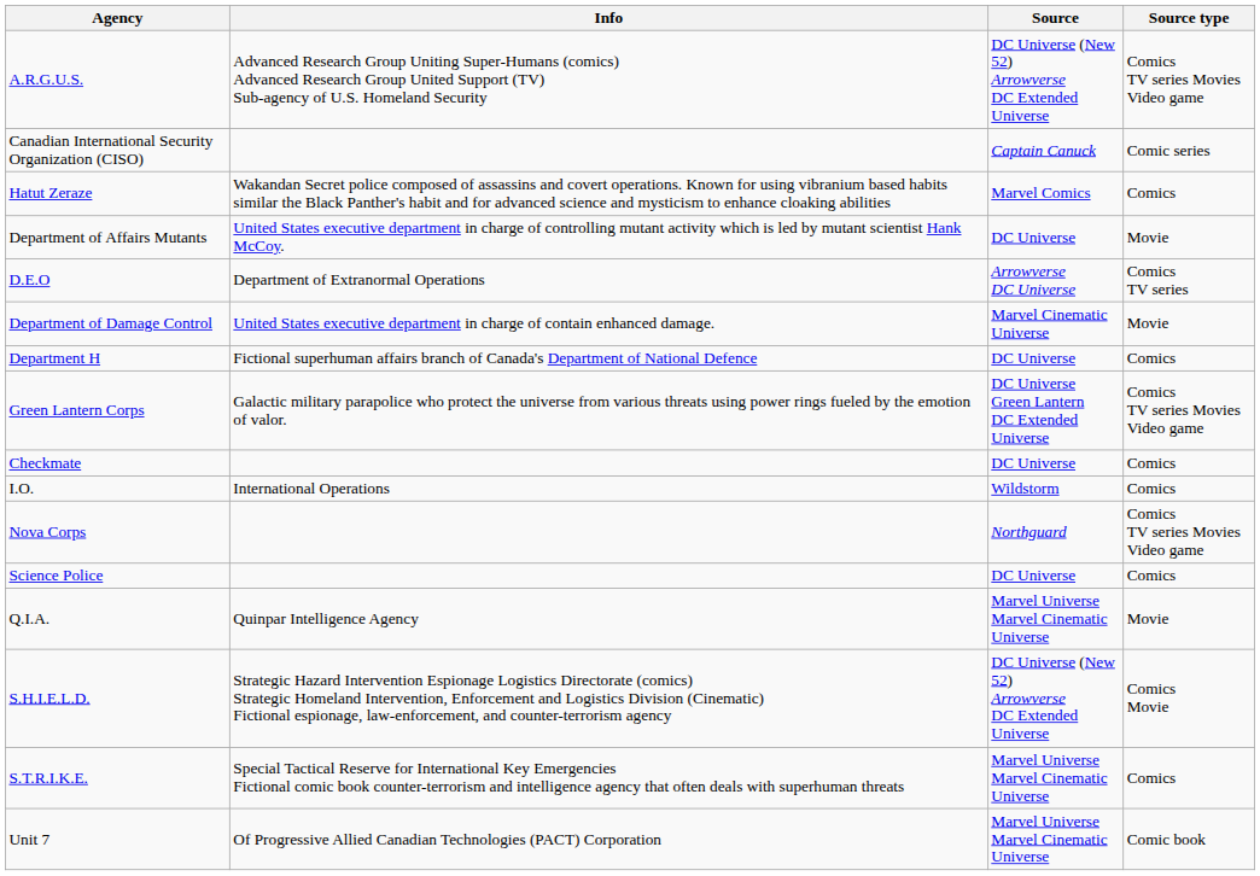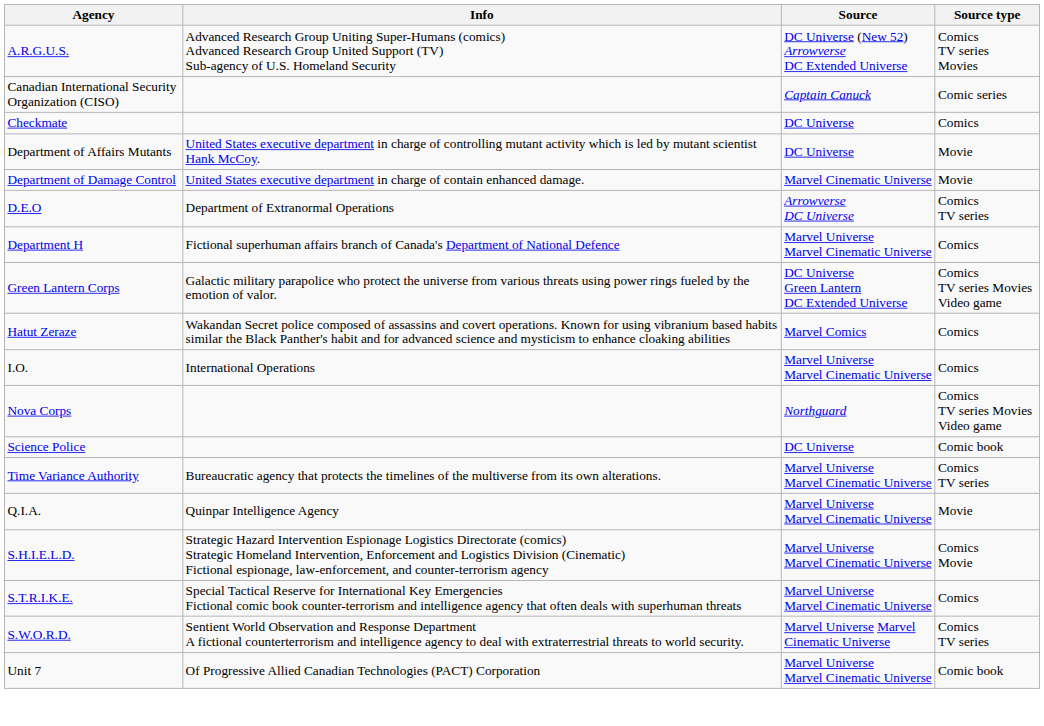 <table class="wikitable">
 <tr>
 <th>Agency</th>
 <th>Info</th>
 <th>Source</th>
 <th>Source type</th>
 </tr>
 <tr>
 <td><a href='#'>A.R.G.U.S.</a></td>
 <td>Advanced Research Group Uniting Super-Humans (comics) <br> Advanced Research Group United Support (TV) <br> Sub-agency of U.S. Homeland Security</td>
 <td><a href='#'>DC Universe</a> (<a href='#'>New 52</a>) <br> <em><a href='#'>Arrowverse</a></em><br><a href='#'>DC Extended Universe</a></td>
-<td>Comics<br>TV series Movies Video game</td>
+<td>Comics <br> TV series <br> Movies</td>
 </tr>
 <tr>
 <td>Canadian International Security Organization (CISO)</td>
 <td></td>
 <td><em><a href='#'>Captain Canuck</a></em></td>
 <td>Comic series</td>
 </tr>
 <tr>
-<td><a href='#'>Hatut Zeraze</a></td>
-<td>Wakandan Secret police composed of assassins and covert operations. Known for using vibranium based habits similar the Black Panther's habit and for advanced science and mysticism to enhance cloaking abilities</td>
-<td><a href='#'>Marvel Comics</a></td>
+<td><a href='#'>Checkmate</a></td>
+<td></td>
+<td><a href='#'>DC Universe</a></td>
 <td>Comics</td>
 </tr>
 <tr>
 <td>Department of Affairs Mutants</td>
 <td><a href='#'>United States executive department</a> in charge of controlling mutant activity which is led by mutant scientist <a href='#'>Hank McCoy</a>.</td>
 <td><a href='#'>DC Universe</a></td>
 <td>Movie</td>
 </tr>
 <tr>
+<td><a href='#'>Department of Damage Control</a></td>
+<td><a href='#'>United States executive department</a> in charge of contain enhanced damage.</td>
+<td><a href='#'>Marvel Cinematic Universe</a></td>
+<td>Movie</td>
+</tr>
+<tr>
 <td><a href='#'>D.E.O</a></td>
 <td>Department of Extranormal Operations</td>
 <td><em><a href='#'>Arrowverse</a></em> <br> <em><a href='#'>DC Universe</a></em></td>
 <td>Comics<br>TV series</td>
 </tr>
 <tr>
-<td><a href='#'>Department of Damage Control</a></td>
-<td><a href='#'>United States executive department</a> in charge of contain enhanced damage.</td>
-<td><a href='#'>Marvel Cinematic Universe</a></td>
-<td>Movie</td>
-</tr>
-<tr>
 <td><a href='#'>Department H</a></td>
 <td>Fictional superhuman affairs branch of Canada's <a href='#'>Department of National Defence</a></td>
-<td><a href='#'>DC Universe</a></td>
+<td><a href='#'>Marvel Universe</a> <br> <a href='#'>Marvel Cinematic Universe</a></td>
 <td>Comics</td>
 </tr>
 <tr>
 <td><a href='#'>Green Lantern Corps</a></td>
 <td>Galactic military parapolice who protect the universe from various threats using power rings fueled by the emotion of valor.</td>
 <td><a href='#'>DC Universe</a><br><a href='#'>Green Lantern</a><br><a href='#'>DC Extended Universe</a></td>
 <td>Comics<br>TV series Movies<br>Video game</td>
 </tr>
 <tr>
-<td><a href='#'>Checkmate</a></td>
-<td></td>
-<td><a href='#'>DC Universe</a></td>
+<td><a href='#'>Hatut Zeraze</a></td>
+<td>Wakandan Secret police composed of assassins and covert operations. Known for using vibranium based habits similar the Black Panther's habit and for advanced science and mysticism to enhance cloaking abilities</td>
+<td><a href='#'>Marvel Comics</a></td>
 <td>Comics</td>
 </tr>
 <tr>
 <td>I.O.</td>
 <td>International Operations</td>
-<td><a href='#'>Wildstorm</a></td>
+<td><a href='#'>Marvel Universe</a> <br> <a href='#'>Marvel Cinematic Universe</a></td>
 <td>Comics</td>
 </tr>
 <tr>
 <td><a href='#'>Nova Corps</a></td>
 <td></td>
 <td><em><a href='#'>Northguard</a></em></td>
 <td>Comics<br>TV series Movies Video game</td>
 </tr>
 <tr>
 <td><a href='#'>Science Police</a></td>
 <td></td>
 <td><a href='#'>DC Universe</a></td>
-<td>Comics</td>
+<td>Comic book</td>
+</tr>
+<tr>
+<td><a href='#'>Time Variance Authority</a></td>
+<td>Bureaucratic agency that protects the timelines of the multiverse from its own alterations.</td>
+<td><a href='#'>Marvel Universe</a><br><a href='#'>Marvel Cinematic Universe</a></td>
+<td>Comics<br>TV series</td>
 </tr>
 <tr>
 <td>Q.I.A.</td>
 <td>Quinpar Intelligence Agency</td>
 <td><a href='#'>Marvel Universe</a> <br> <a href='#'>Marvel Cinematic Universe</a></td>
 <td>Movie</td>
 </tr>
 <tr>
 <td><a href='#'>S.H.I.E.L.D.</a></td>
 <td>Strategic Hazard Intervention Espionage Logistics Directorate (comics)<br> Strategic Homeland Intervention, Enforcement and Logistics Division (Cinematic) <br> Fictional espionage, law-enforcement, and counter-terrorism agency</td>
-<td><a href='#'>DC Universe</a> (<a href='#'>New 52</a>) <br> <em><a href='#'>Arrowverse</a></em><br><a href='#'>DC Extended Universe</a></td>
+<td><a href='#'>Marvel Universe</a> <br> <a href='#'>Marvel Cinematic Universe</a></td>
 <td>Comics <br> Movie</td>
 </tr>
 <tr>
 <td><a href='#'>S.T.R.I.K.E.</a></td>
 <td>Special Tactical Reserve for International Key Emergencies <br>  Fictional comic book counter-terrorism and intelligence agency that often deals with superhuman threats</td>
 <td><a href='#'>Marvel Universe</a><br><a href='#'>Marvel Cinematic Universe</a></td>
 <td>Comics</td>
 </tr>
 <tr>
+<td><a href='#'>S.W.O.R.D.</a></td>
+<td>Sentient World Observation and Response Department <br>  A fictional counterterrorism and intelligence agency to deal with extraterrestrial threats to world security.</td>
+<td><a href='#'>Marvel Universe</a> <a href='#'>Marvel Cinematic Universe</a></td>
+<td>Comics<br>TV series</td>
+</tr>
+<tr>
 <td>Unit 7</td>
 <td>Of Progressive Allied Canadian Technologies (PACT) Corporation</td>
 <td><a href='#'>Marvel Universe</a> <br> <a href='#'>Marvel Cinematic Universe</a></td>
 <td>Comic book</td>
 </tr>
 </table>
